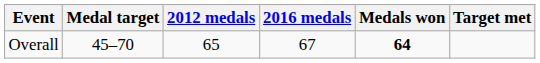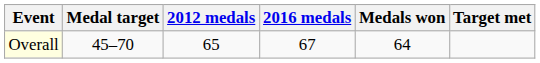 <table class="wikitable">
 <tr>
 <th>Event</th>
 <th>Medal target</th>
 <th><a href='#'>2012 medals</a></th>
 <th><a href='#'>2016 medals</a></th>
 <th>Medals won</th>
 <th>Target met</th>
 </tr>
 <tr align=center>
-<td>Overall</td>
+<td style="background: lightyellow;">Overall</td>
 <td>45–70</td>
 <td>65</td>
 <td>67</td>
-<td><strong>64</strong></td>
+<td>64</td>
 <td></td>
 </tr>
 </table>
